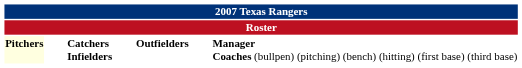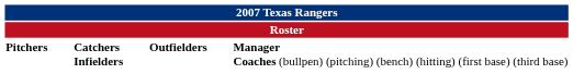 <table class="toccolours" style="font-size: 95%;">
 <tr>
 <th colspan="10" style="background:#003279; color:#fff; text-align:center;">2007 Texas Rangers</th>
 </tr>
 <tr>
 <td colspan="10" style="background:#bd1021; color:white; text-align:center;"><strong>Roster</strong></td>
 </tr>
 <tr>
-<td valign="top" style="background: lightyellow;"><strong>Pitchers</strong><br>                        </td>
+<td valign="top"><strong>Pitchers</strong><br>                        </td>
 <td style="width:25px;"></td>
 <td valign="top"><strong>Catchers</strong><br>    <strong>Infielders</strong>        </td>
 <td style="width:25px;"></td>
 <td valign="top"><strong>Outfielders</strong><br>            </td>
 <td style="width:25px;"></td>
 <td valign="top"><strong>Manager</strong><br> <strong>Coaches</strong>  (bullpen)  (pitching)  (bench)  (hitting)  (first base)  (third base)</td>
 </tr>
 </table>
